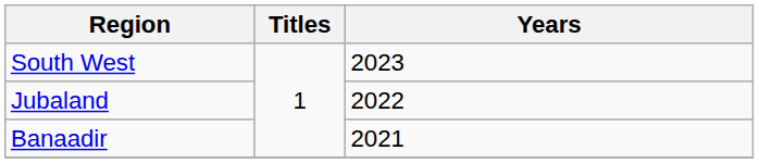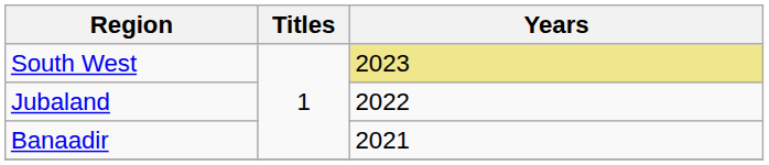 <table class="wikitable " style="font-size: 95%;">
 <tr>
 <th width="150">Region</th>
 <th width="50">Titles</th>
 <th width="250">Years</th>
 </tr>
 <tr>
 <td><a href='#'>South West</a></td>
 <td rowspan="3" style="text-align: center">1</td>
-<td>2023</td>
+<td style="background: khaki;">2023</td>
 </tr>
 <tr>
 <td><a href='#'>Jubaland</a></td>
 <td>2022</td>
 </tr>
 <tr>
 <td><a href='#'>Banaadir</a></td>
 <td>2021</td>
 </tr>
 <tr>
 </tr>
 </table>
